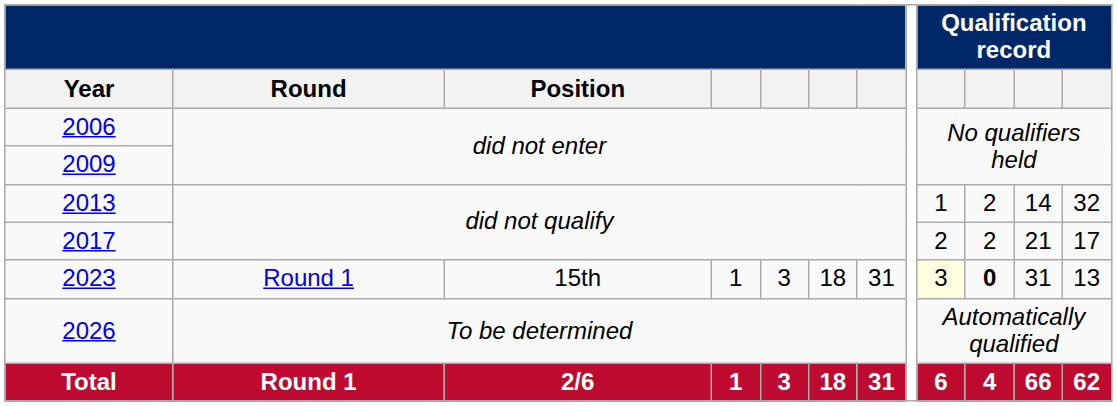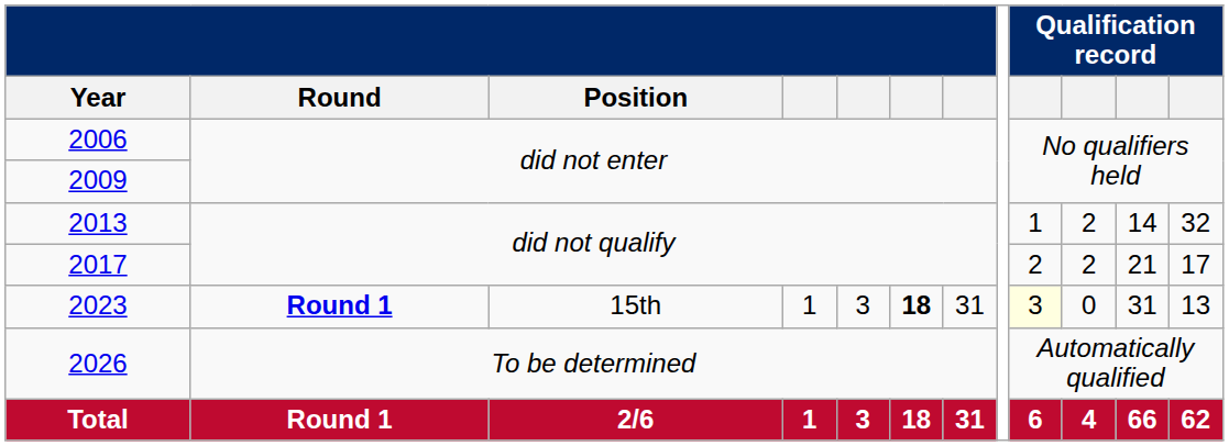 <table class="wikitable" style="text-align: center;">
 <tr>
 <th style="background:#002868;" colspan="7"><a href='#'></a></th>
 <th style="background:white; width:1%;" rowspan="9"></th>
 <th style="background:#002868; color:#FFFFFF;" colspan="5">Qualification record</th>
 </tr>
 <tr>
 <th>Year</th>
 <th>Round</th>
 <th>Position</th>
 <th width=25></th>
 <th width=25></th>
 <th width=25></th>
 <th width=25></th>
 <th width=25></th>
 <th width=25></th>
 <th width=25></th>
 <th width=25></th>
 </tr>
 <tr>
 <td><a href='#'>2006</a></td>
 <td colspan=6 rowspan=2><em>did not enter</em></td>
 <td colspan=4 rowspan=2 align=center><em>No qualifiers held</em></td>
 </tr>
 <tr>
 <td><a href='#'>2009</a></td>
 </tr>
 <tr>
 <td><a href='#'>2013</a></td>
 <td colspan=6 rowspan=2 align=center><em>did not qualify</em></td>
 <td>1</td>
 <td>2</td>
 <td>14</td>
 <td>32</td>
 </tr>
 <tr>
 <td><a href='#'>2017</a></td>
 <td>2</td>
 <td>2</td>
 <td>21</td>
 <td>17</td>
 </tr>
 <tr>
 <td> <a href='#'>2023</a></td>
-<td><a href='#'>Round 1</a></td>
+<td><strong><a href='#'>Round 1</a></strong></td>
 <td>15th</td>
 <td>1</td>
 <td>3</td>
-<td>18</td>
+<td><strong>18</strong></td>
 <td>31</td>
 <td style="background: lightyellow;">3</td>
-<td><strong>0</strong></td>
+<td>0</td>
 <td>31</td>
 <td>13</td>
 </tr>
 <tr>
 <td> <a href='#'>2026</a></td>
 <td colspan=6 align=center><em>To be determined</em></td>
 <td colspan=4 align=center><em>Automatically qualified</em></td>
 </tr>
 <tr>
 <th style="color:white; background:#BF0A30;"><strong>Total</strong></th>
 <th style="color:white; background:#BF0A30;"><strong>Round 1</strong></th>
 <th style="color:white; background:#BF0A30;"><strong>2/6</strong></th>
 <th style="color:white; background:#BF0A30;"><strong>1</strong></th>
 <th style="color:white; background:#BF0A30;"><strong>3</strong></th>
 <th style="color:white; background:#BF0A30;"><strong>18</strong></th>
 <th style="color:white; background:#BF0A30;"><strong>31</strong></th>
 <th style="color:white; background:#BF0A30;"><strong>6</strong></th>
 <th style="color:white; background:#BF0A30;"><strong>4</strong></th>
 <th style="color:white; background:#BF0A30;"><strong>66</strong></th>
 <th style="color:white; background:#BF0A30;"><strong>62</strong></th>
 </tr>
 </table>
